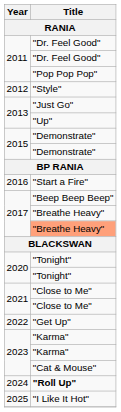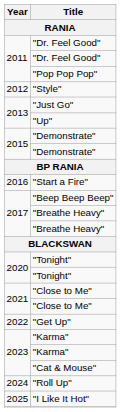 <table class="wikitable">
 <tr>
 <th scope="col">Year</th>
 <th scope="col">Title</th>
 </tr>
 <tr>
 <th scope="col" colspan="2">RANIA</th>
 </tr>
 <tr>
 <td rowspan="3">2011</td>
 <td>"Dr. Feel Good"</td>
 </tr>
 <tr>
 <td>"Dr. Feel Good" </td>
 </tr>
 <tr>
 <td>"Pop Pop Pop"</td>
 </tr>
 <tr>
 <td>2012</td>
 <td>"Style"</td>
 </tr>
 <tr>
 <td rowspan="2">2013</td>
 <td>"Just Go"</td>
 </tr>
 <tr>
 <td>"Up"</td>
 </tr>
 <tr>
 <td rowspan="2">2015</td>
 <td>"Demonstrate"</td>
 </tr>
 <tr>
 <td>"Demonstrate" </td>
 </tr>
 <tr>
 <th scope="col" colspan="2">BP RANIA</th>
 </tr>
 <tr>
 <td>2016</td>
 <td>"Start a Fire"</td>
 </tr>
 <tr>
 <td rowspan="3">2017</td>
 <td>"Beep Beep Beep" </td>
 </tr>
 <tr>
 <td>"Breathe Heavy" </td>
 </tr>
 <tr>
-<td style="background: lightsalmon;">"Breathe Heavy" </td>
+<td>"Breathe Heavy" </td>
 </tr>
 <tr>
 <th scope="col" colspan="2">BLACKSWAN</th>
 </tr>
 <tr>
 <td rowspan="2">2020</td>
 <td>"Tonight"</td>
 </tr>
 <tr>
 <td>"Tonight" </td>
 </tr>
 <tr>
 <td rowspan="2">2021</td>
 <td>"Close to Me"</td>
 </tr>
 <tr>
 <td>"Close to Me" </td>
 </tr>
 <tr>
 <td>2022</td>
 <td>"Get Up" </td>
 </tr>
 <tr>
 <td rowspan="3">2023</td>
 <td>"Karma"</td>
 </tr>
 <tr>
 <td>"Karma" </td>
 </tr>
 <tr>
 <td>"Cat & Mouse"</td>
 </tr>
 <tr>
 <td>2024</td>
-<td><strong>"Roll Up"</strong></td>
+<td>"Roll Up"</td>
 </tr>
 <tr>
 <td>2025</td>
 <td>"I Like It Hot"</td>
 </tr>
 <tr>
 </tr>
 </table>
